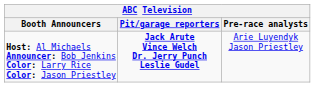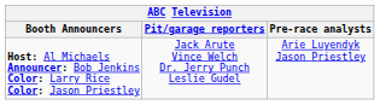 <table class="wikitable" style="font-size: 95%;">
 <tr>
 <th colspan=3><a href='#'>ABC</a> <a href='#'>Television</a></th>
 </tr>
 <tr>
 <th>Booth Announcers</th>
 <th><a href='#'>Pit/garage reporters</a></th>
 <th>Pre-race analysts</th>
 </tr>
 <tr>
 <td valign="top"><br><strong>Host:</strong> <a href='#'>Al Michaels</a><br> <strong><a href='#'>Announcer</a>:</strong> <a href='#'>Bob Jenkins</a><br> <strong><a href='#'>Color</a>:</strong> <a href='#'>Larry Rice</a><br> <strong><a href='#'>Color</a>:</strong> <a href='#'>Jason Priestley</a><br></td>
-<td align="center" valign="top"><strong><a href='#'>Jack Arute</a><br><a href='#'>Vince Welch</a><br><a href='#'>Dr. Jerry Punch</a><br><a href='#'>Leslie Gudel</a></strong></td>
+<td align="center" valign="top"><a href='#'>Jack Arute</a><br><a href='#'>Vince Welch</a><br><a href='#'>Dr. Jerry Punch</a><br><a href='#'>Leslie Gudel</a></td>
 <td align="center" valign="top"><a href='#'>Arie Luyendyk</a><br><a href='#'>Jason Priestley</a><br></td>
 </tr>
 </table>
